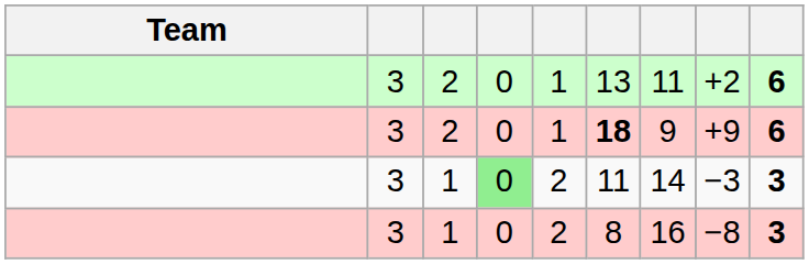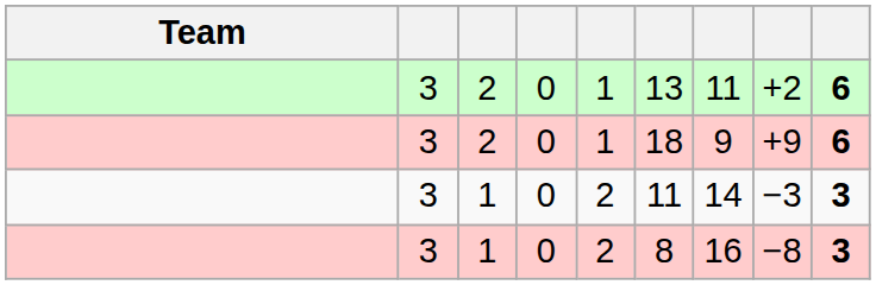 <table class="wikitable" style="text-align: center;">
 <tr>
 <th width="175">Team</th>
 <th width="20"></th>
 <th width="20"></th>
 <th width="20"></th>
 <th width="20"></th>
 <th width="20"></th>
 <th width="20"></th>
 <th width="20"></th>
 <th width="20"></th>
 </tr>
 <tr bgcolor="#ccffcc">
 <td align=left></td>
 <td>3</td>
 <td>2</td>
 <td>0</td>
 <td>1</td>
 <td>13</td>
 <td>11</td>
 <td>+2</td>
 <td><strong>6</strong></td>
 </tr>
 <tr bgcolor="#ffcccc">
 <td align=left></td>
 <td>3</td>
 <td>2</td>
 <td>0</td>
 <td>1</td>
-<td><strong>18</strong></td>
+<td>18</td>
 <td>9</td>
 <td>+9</td>
 <td><strong>6</strong></td>
 </tr>
 <tr>
 <td align=left></td>
 <td>3</td>
 <td>1</td>
-<td style="background: lightgreen;">0</td>
+<td>0</td>
 <td>2</td>
 <td>11</td>
 <td>14</td>
 <td>−3</td>
 <td><strong>3</strong></td>
 </tr>
 <tr bgcolor="#ffcccc">
 <td align=left></td>
 <td>3</td>
 <td>1</td>
 <td>0</td>
 <td>2</td>
 <td>8</td>
 <td>16</td>
 <td>−8</td>
 <td><strong>3</strong></td>
 </tr>
 </table>
